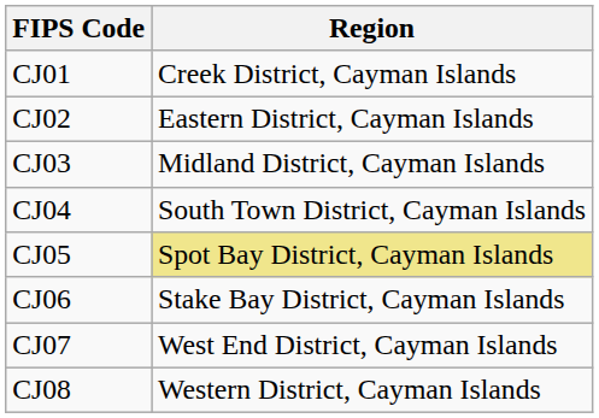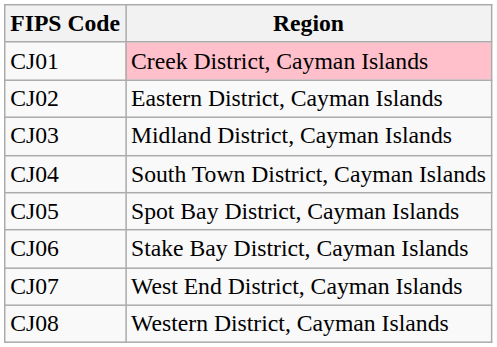 <table class="wikitable">
 <tr>
 <th>FIPS Code</th>
 <th>Region</th>
 </tr>
 <tr>
 <td>CJ01</td>
-<td>Creek District, Cayman Islands</td>
+<td style="background: pink;">Creek District, Cayman Islands</td>
 </tr>
 <tr>
 <td>CJ02</td>
 <td>Eastern District, Cayman Islands</td>
 </tr>
 <tr>
 <td>CJ03</td>
 <td>Midland District, Cayman Islands</td>
 </tr>
 <tr>
 <td>CJ04</td>
 <td>South Town District, Cayman Islands</td>
 </tr>
 <tr>
 <td>CJ05</td>
-<td style="background: khaki;">Spot Bay District, Cayman Islands</td>
+<td>Spot Bay District, Cayman Islands</td>
 </tr>
 <tr>
 <td>CJ06</td>
 <td>Stake Bay District, Cayman Islands</td>
 </tr>
 <tr>
 <td>CJ07</td>
 <td>West End District, Cayman Islands</td>
 </tr>
 <tr>
 <td>CJ08</td>
 <td>Western District, Cayman Islands</td>
 </tr>
 </table>
